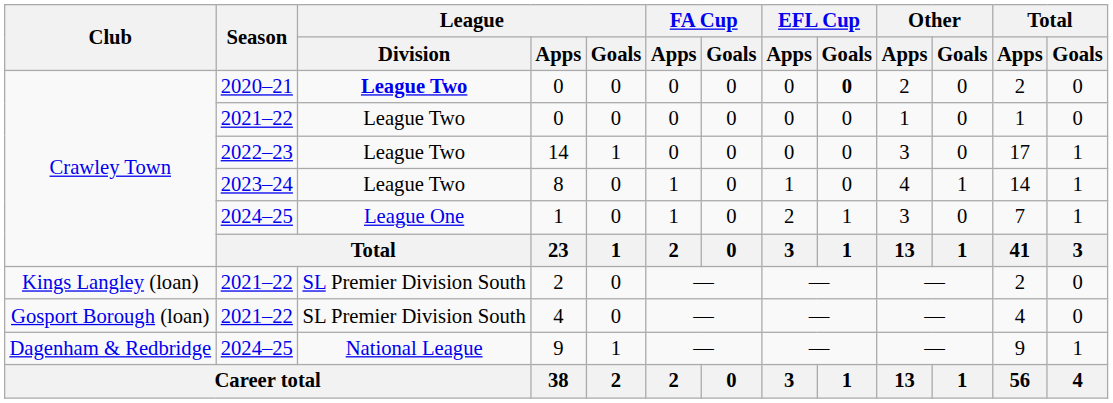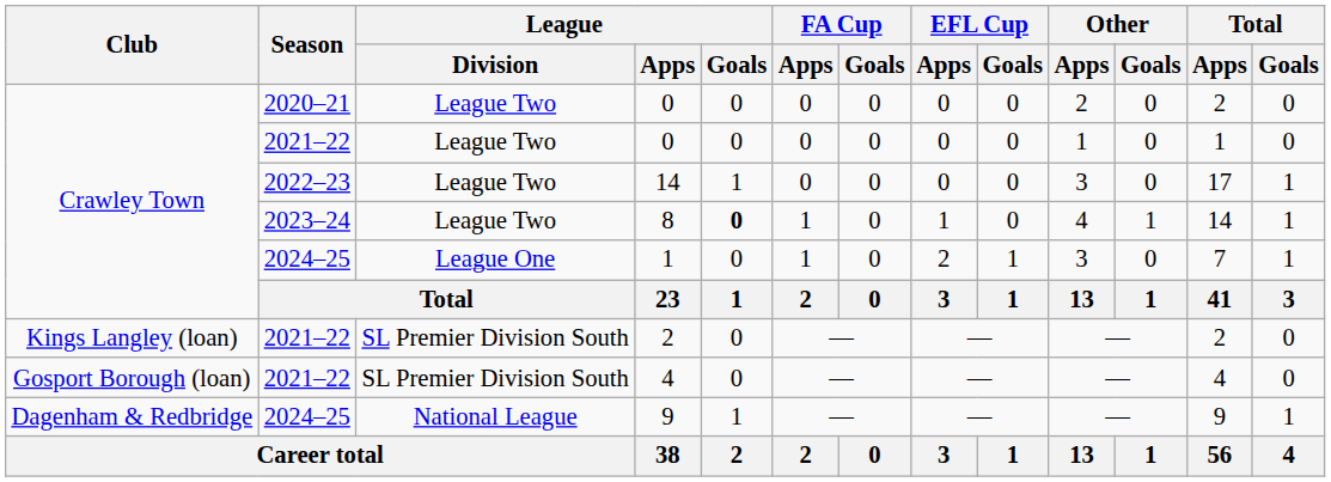 <table class="wikitable" style="text-align: center">
 <tr>
 <th rowspan="2">Club</th>
 <th rowspan="2">Season</th>
 <th colspan="3">League</th>
 <th colspan="2"><a href='#'>FA Cup</a></th>
 <th colspan="2"><a href='#'>EFL Cup</a></th>
 <th colspan="2">Other</th>
 <th colspan="2">Total</th>
 </tr>
 <tr>
 <th>Division</th>
 <th>Apps</th>
 <th>Goals</th>
 <th>Apps</th>
 <th>Goals</th>
 <th>Apps</th>
 <th>Goals</th>
 <th>Apps</th>
 <th>Goals</th>
 <th>Apps</th>
 <th>Goals</th>
 </tr>
 <tr>
 <td rowspan="6"><a href='#'>Crawley Town</a></td>
 <td><a href='#'>2020–21</a></td>
-<td><strong><a href='#'>League Two</a></strong></td>
+<td><a href='#'>League Two</a></td>
 <td>0</td>
 <td>0</td>
 <td>0</td>
 <td>0</td>
 <td>0</td>
-<td><strong>0</strong></td>
+<td>0</td>
 <td>2</td>
 <td>0</td>
 <td>2</td>
 <td>0</td>
 </tr>
 <tr>
 <td><a href='#'>2021–22</a></td>
 <td>League Two</td>
 <td>0</td>
 <td>0</td>
 <td>0</td>
 <td>0</td>
 <td>0</td>
 <td>0</td>
 <td>1</td>
 <td>0</td>
 <td>1</td>
 <td>0</td>
 </tr>
 <tr>
 <td><a href='#'>2022–23</a></td>
 <td>League Two</td>
 <td>14</td>
 <td>1</td>
 <td>0</td>
 <td>0</td>
 <td>0</td>
 <td>0</td>
 <td>3</td>
 <td>0</td>
 <td>17</td>
 <td>1</td>
 </tr>
 <tr>
 <td><a href='#'>2023–24</a></td>
 <td>League Two</td>
 <td>8</td>
-<td>0</td>
+<td><strong>0</strong></td>
 <td>1</td>
 <td>0</td>
 <td>1</td>
 <td>0</td>
 <td>4</td>
 <td>1</td>
 <td>14</td>
 <td>1</td>
 </tr>
 <tr>
 <td><a href='#'>2024–25</a></td>
 <td><a href='#'>League One</a></td>
 <td>1</td>
 <td>0</td>
 <td>1</td>
 <td>0</td>
 <td>2</td>
 <td>1</td>
 <td>3</td>
 <td>0</td>
 <td>7</td>
 <td>1</td>
 </tr>
 <tr>
 <th colspan="2">Total</th>
 <th>23</th>
 <th>1</th>
 <th>2</th>
 <th>0</th>
 <th>3</th>
 <th>1</th>
 <th>13</th>
 <th>1</th>
 <th>41</th>
 <th>3</th>
 </tr>
 <tr>
 <td><a href='#'>Kings Langley</a> (loan)</td>
 <td><a href='#'>2021–22</a></td>
 <td><a href='#'>SL</a> Premier Division South</td>
 <td>2</td>
 <td>0</td>
 <td colspan="2">—</td>
 <td colspan="2">—</td>
 <td colspan="2">—</td>
 <td>2</td>
 <td>0</td>
 </tr>
 <tr>
 <td><a href='#'>Gosport Borough</a> (loan)</td>
 <td><a href='#'>2021–22</a></td>
 <td>SL Premier Division South</td>
 <td>4</td>
 <td>0</td>
 <td colspan="2">—</td>
 <td colspan="2">—</td>
 <td colspan="2">—</td>
 <td>4</td>
 <td>0</td>
 </tr>
 <tr>
 <td><a href='#'>Dagenham & Redbridge</a></td>
 <td><a href='#'>2024–25</a></td>
 <td><a href='#'>National League</a></td>
 <td>9</td>
 <td>1</td>
 <td colspan="2">—</td>
 <td colspan="2">—</td>
 <td colspan="2">—</td>
 <td>9</td>
 <td>1</td>
 </tr>
 <tr>
 <th colspan="3">Career total</th>
 <th>38</th>
 <th>2</th>
 <th>2</th>
 <th>0</th>
 <th>3</th>
 <th>1</th>
 <th>13</th>
 <th>1</th>
 <th>56</th>
 <th>4</th>
 </tr>
 </table>
